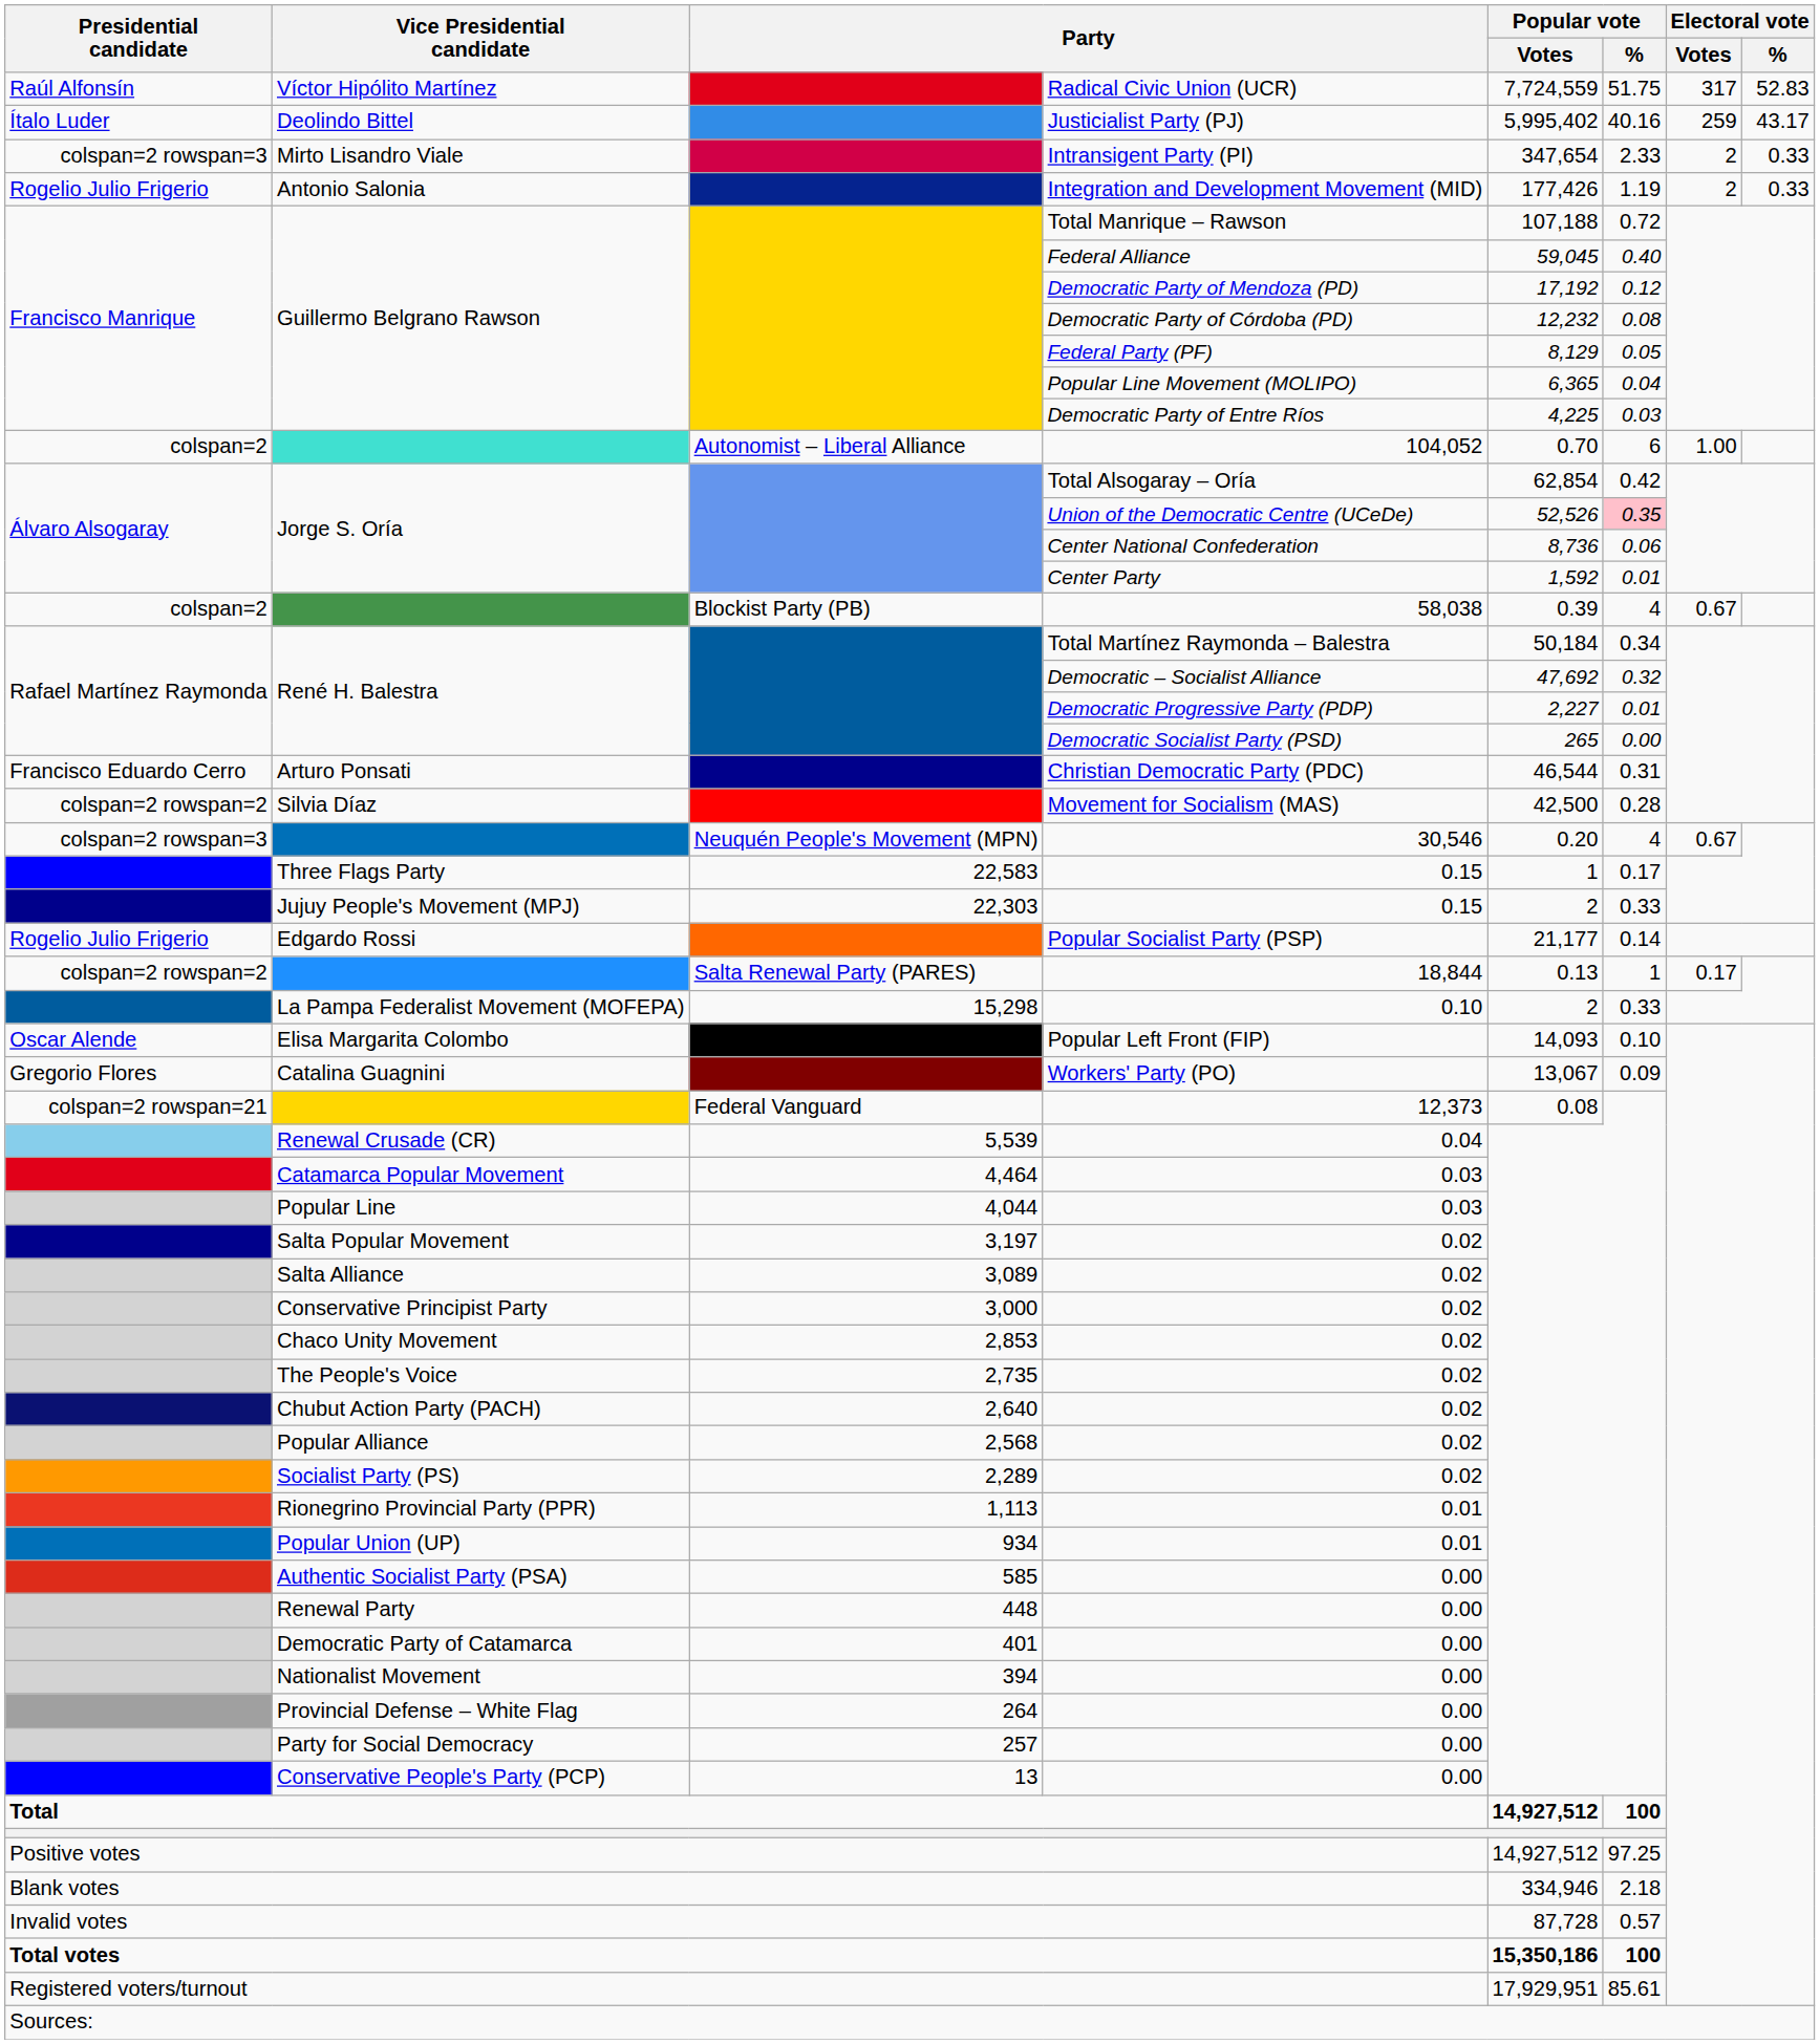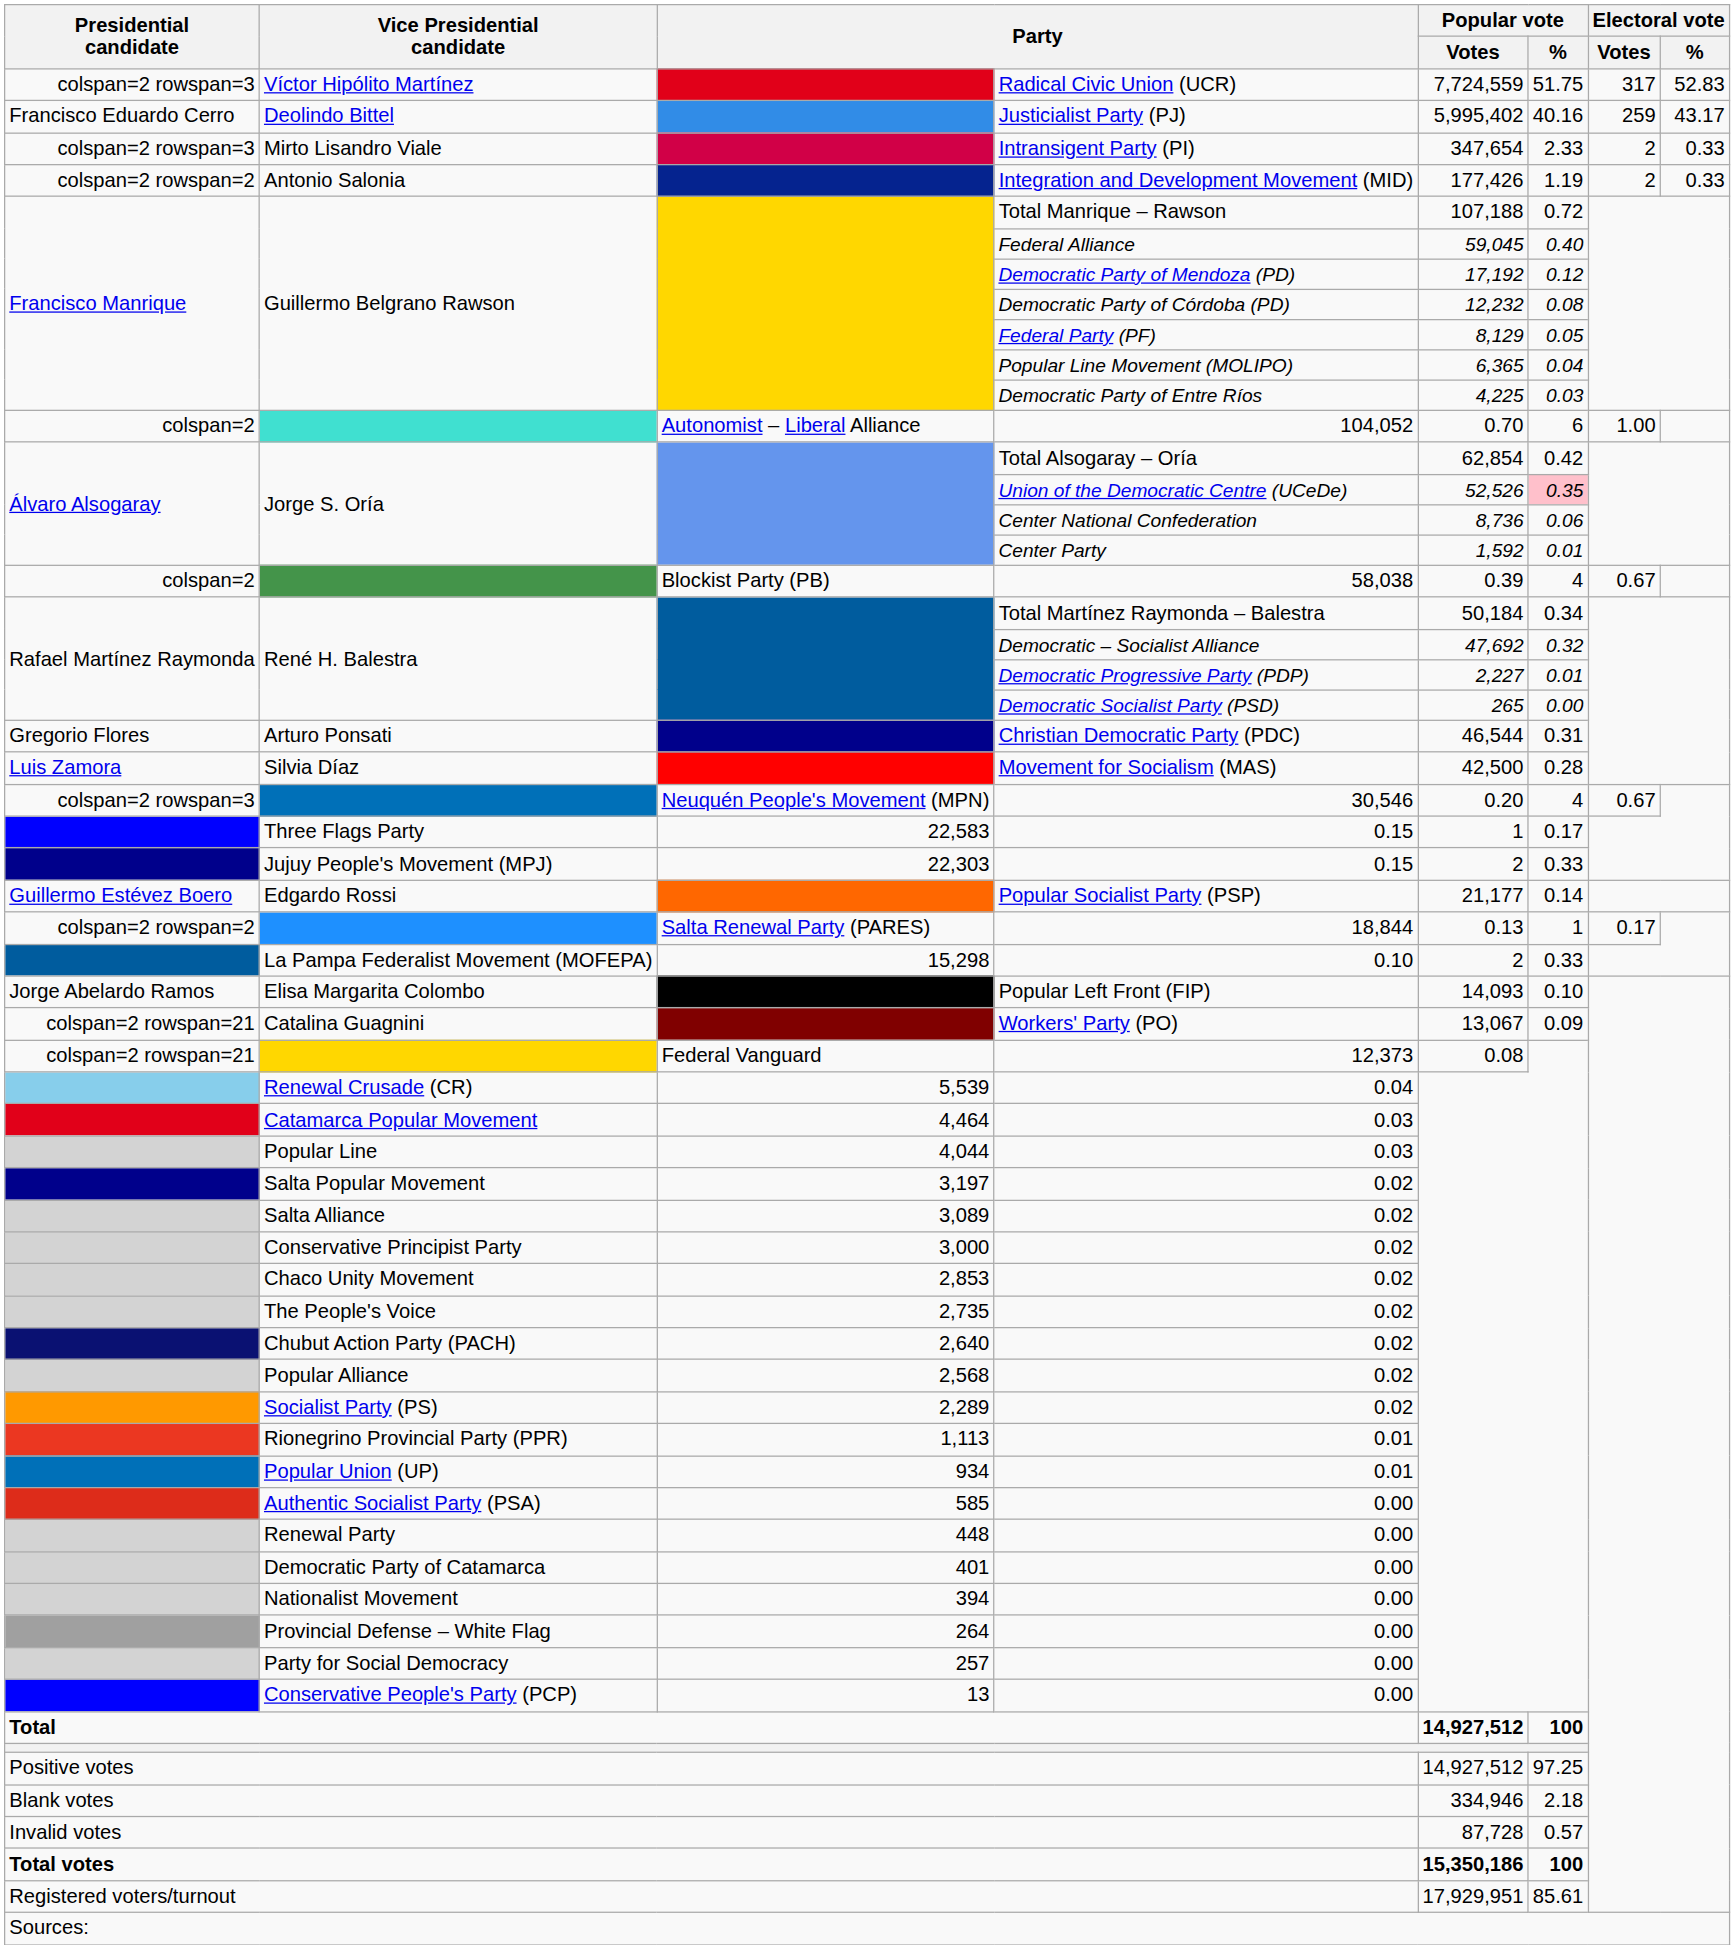 <table class="wikitable" style="text-align:right;">
 <tr>
 <th rowspan=2>Presidential<br>candidate</th>
 <th rowspan=2>Vice Presidential<br>candidate</th>
 <th rowspan=2 colspan=2>Party</th>
 <th colspan=2>Popular vote</th>
 <th colspan=2>Electoral vote</th>
 </tr>
 <tr>
 <th>Votes</th>
 <th>%</th>
 <th>Votes</th>
 <th>%</th>
 </tr>
 <tr>
-<td align=left><a href='#'>Raúl Alfonsín</a></td>
+<td>colspan=2 rowspan=3 </td>
 <td align=left><a href='#'>Víctor Hipólito Martínez</a></td>
 <td bgcolor=#E10019></td>
 <td align=left><a href='#'>Radical Civic Union</a> (UCR)</td>
 <td>7,724,559</td>
 <td>51.75</td>
 <td>317</td>
 <td>52.83</td>
 </tr>
 <tr>
-<td align=left><a href='#'>Ítalo Luder</a></td>
+<td align=left>Francisco Eduardo Cerro</td>
 <td align=left><a href='#'>Deolindo Bittel</a></td>
 <td bgcolor=#318CE7></td>
 <td align=left><a href='#'>Justicialist Party</a> (PJ)</td>
 <td>5,995,402</td>
 <td>40.16</td>
 <td>259</td>
 <td>43.17</td>
 </tr>
 <tr>
 <td>colspan=2 rowspan=3 </td>
 <td align=left>Mirto Lisandro Viale</td>
 <td bgcolor=#D10047></td>
 <td align=left><a href='#'>Intransigent Party</a> (PI)</td>
 <td>347,654</td>
 <td>2.33</td>
 <td>2</td>
 <td>0.33</td>
 </tr>
 <tr>
-<td align=left><a href='#'>Rogelio Julio Frigerio</a></td>
+<td>colspan=2 rowspan=2 </td>
 <td align=left>Antonio Salonia</td>
 <td bgcolor=#05238F></td>
 <td align=left><a href='#'>Integration and Development Movement</a> (MID)</td>
 <td>177,426</td>
 <td>1.19</td>
 <td>2</td>
 <td>0.33</td>
 </tr>
 <tr>
 <td align=left rowspan=7><a href='#'>Francisco Manrique</a></td>
 <td align=left rowspan=7>Guillermo Belgrano Rawson</td>
 <td bgcolor=gold rowspan=7></td>
 <td align=left>Total Manrique – Rawson</td>
 <td>107,188</td>
 <td>0.72</td>
 <td colspan=2 rowspan=7></td>
 </tr>
 <tr style="font-size: 95%; font-style: italic">
 <td align=left><span>Federal Alliance</span></td>
 <td>59,045</td>
 <td>0.40</td>
 </tr>
 <tr style="font-size: 95%; font-style: italic">
 <td align=left><span><a href='#'>Democratic Party of Mendoza</a> (PD)</span></td>
 <td>17,192</td>
 <td>0.12</td>
 </tr>
 <tr style="font-size: 95%; font-style: italic">
 <td align=left><span>Democratic Party of Córdoba (PD)</span></td>
 <td>12,232</td>
 <td>0.08</td>
 </tr>
 <tr style="font-size: 95%; font-style: italic">
 <td align=left><span><a href='#'>Federal Party</a> (PF)</span></td>
 <td>8,129</td>
 <td>0.05</td>
 </tr>
 <tr style="font-size: 95%; font-style: italic">
 <td align=left><span>Popular Line Movement (MOLIPO)</span></td>
 <td>6,365</td>
 <td>0.04</td>
 </tr>
 <tr style="font-size: 95%; font-style: italic">
 <td align=left><span>Democratic Party of Entre Ríos</span></td>
 <td>4,225</td>
 <td>0.03</td>
 </tr>
 <tr>
 <td>colspan=2 </td>
 <td bgcolor=turquoise></td>
 <td align=left><a href='#'>Autonomist</a> – <a href='#'>Liberal</a> Alliance</td>
 <td>104,052</td>
 <td>0.70</td>
 <td>6</td>
 <td>1.00</td>
 </tr>
 <tr>
 <td align=left rowspan=4><a href='#'>Álvaro Alsogaray</a></td>
 <td align=left rowspan=4>Jorge S. Oría</td>
 <td bgcolor=#6495ED rowspan=4></td>
 <td align=left>Total Alsogaray – Oría</td>
 <td>62,854</td>
 <td>0.42</td>
 <td colspan=2 rowspan=4></td>
 </tr>
 <tr style="font-size: 95%; font-style: italic">
 <td align=left><span><a href='#'>Union of the Democratic Centre</a> (UCeDe)</span></td>
 <td>52,526</td>
 <td style="background: pink;">0.35</td>
 </tr>
 <tr style="font-size: 95%; font-style: italic">
 <td align=left><span>Center National Confederation</span></td>
 <td>8,736</td>
 <td>0.06</td>
 </tr>
 <tr style="font-size: 95%; font-style: italic">
 <td align=left><span>Center Party</span></td>
 <td>1,592</td>
 <td>0.01</td>
 </tr>
 <tr>
 <td>colspan=2 </td>
 <td bgcolor=#44944A></td>
 <td align=left>Blockist Party (PB)</td>
 <td>58,038</td>
 <td>0.39</td>
 <td>4</td>
 <td>0.67</td>
 </tr>
 <tr>
 <td align=left rowspan=4>Rafael Martínez Raymonda</td>
 <td align=left rowspan=4>René H. Balestra</td>
 <td bgcolor=#005C9E rowspan=4></td>
 <td align=left>Total Martínez Raymonda – Balestra</td>
 <td>50,184</td>
 <td>0.34</td>
 <td colspan=2 rowspan=6></td>
 </tr>
 <tr style="font-size: 95%; font-style: italic">
 <td align=left><span>Democratic – Socialist Alliance</span></td>
 <td>47,692</td>
 <td>0.32</td>
 </tr>
 <tr style="font-size: 95%; font-style: italic">
 <td align=left><span><a href='#'>Democratic Progressive Party</a> (PDP)</span></td>
 <td>2,227</td>
 <td>0.01</td>
 </tr>
 <tr style="font-size: 95%; font-style: italic">
 <td align=left><span><a href='#'>Democratic Socialist Party</a> (PSD)</span></td>
 <td>265</td>
 <td>0.00</td>
 </tr>
 <tr>
-<td align=left>Francisco Eduardo Cerro</td>
+<td align=left>Gregorio Flores</td>
 <td align=left>Arturo Ponsati</td>
 <td bgcolor=#00008B></td>
 <td align=left><a href='#'>Christian Democratic Party</a> (PDC)</td>
 <td>46,544</td>
 <td>0.31</td>
 </tr>
 <tr>
-<td>colspan=2 rowspan=2 </td>
+<td align=left><a href='#'>Luis Zamora</a></td>
 <td align=left>Silvia Díaz</td>
 <td bgcolor=#FF0000></td>
 <td align=left><a href='#'>Movement for Socialism</a> (MAS)</td>
 <td>42,500</td>
 <td>0.28</td>
 </tr>
 <tr>
 <td>colspan=2 rowspan=3 </td>
 <td bgcolor=#0070B8></td>
 <td align=left><a href='#'>Neuquén People's Movement</a> (MPN)</td>
 <td>30,546</td>
 <td>0.20</td>
 <td>4</td>
 <td>0.67</td>
 </tr>
 <tr>
 <td bgcolor=blue></td>
 <td align=left>Three Flags Party</td>
 <td>22,583</td>
 <td>0.15</td>
 <td>1</td>
 <td>0.17</td>
 </tr>
 <tr>
 <td bgcolor=darkblue></td>
 <td align=left>Jujuy People's Movement (MPJ)</td>
 <td>22,303</td>
 <td>0.15</td>
 <td>2</td>
 <td>0.33</td>
 </tr>
 <tr>
-<td align=left><a href='#'>Rogelio Julio Frigerio</a></td>
+<td align=left><a href='#'>Guillermo Estévez Boero</a></td>
 <td align=left>Edgardo Rossi</td>
 <td bgcolor=#FF6700></td>
 <td align=left><a href='#'>Popular Socialist Party</a> (PSP)</td>
 <td>21,177</td>
 <td>0.14</td>
 <td colspan=2></td>
 </tr>
 <tr>
 <td>colspan=2 rowspan=2 </td>
 <td bgcolor=#1E90FF></td>
 <td align=left><a href='#'>Salta Renewal Party</a> (PARES)</td>
 <td>18,844</td>
 <td>0.13</td>
 <td>1</td>
 <td>0.17</td>
 </tr>
 <tr>
 <td bgcolor=#005C9E></td>
 <td align=left>La Pampa Federalist Movement (MOFEPA)</td>
 <td>15,298</td>
 <td>0.10</td>
 <td>2</td>
 <td>0.33</td>
 </tr>
 <tr>
-<td align=left><a href='#'>Oscar Alende</a></td>
+<td align=left>Jorge Abelardo Ramos</td>
 <td align=left>Elisa Margarita Colombo</td>
 <td bgcolor=black></td>
 <td align=left>Popular Left Front (FIP)</td>
 <td>14,093</td>
 <td>0.10</td>
 <td colspan=2 rowspan=30></td>
 </tr>
 <tr>
-<td align=left>Gregorio Flores</td>
+<td>colspan=2 rowspan=21 </td>
 <td align=left>Catalina Guagnini</td>
 <td bgcolor=#800000></td>
 <td align=left><a href='#'>Workers' Party</a> (PO)</td>
 <td>13,067</td>
 <td>0.09</td>
 </tr>
 <tr>
 <td>colspan=2 rowspan=21 </td>
 <td bgcolor=#FFD700></td>
 <td align=left>Federal Vanguard</td>
 <td>12,373</td>
 <td>0.08</td>
 </tr>
 <tr>
 <td bgcolor=skyblue></td>
 <td align=left><a href='#'>Renewal Crusade</a> (CR)</td>
 <td>5,539</td>
 <td>0.04</td>
 </tr>
 <tr>
 <td bgcolor=#E10019></td>
 <td align=left><a href='#'>Catamarca Popular Movement</a></td>
 <td>4,464</td>
 <td>0.03</td>
 </tr>
 <tr>
 <td bgcolor=lightgrey></td>
 <td align=left>Popular Line</td>
 <td>4,044</td>
 <td>0.03</td>
 </tr>
 <tr>
 <td bgcolor=darkblue></td>
 <td align=left>Salta Popular Movement</td>
 <td>3,197</td>
 <td>0.02</td>
 </tr>
 <tr>
 <td bgcolor=lightgrey></td>
 <td align=left>Salta Alliance</td>
 <td>3,089</td>
 <td>0.02</td>
 </tr>
 <tr>
 <td bgcolor=lightgrey></td>
 <td align=left>Conservative Principist Party</td>
 <td>3,000</td>
 <td>0.02</td>
 </tr>
 <tr>
 <td bgcolor=lightgrey></td>
 <td align=left>Chaco Unity Movement</td>
 <td>2,853</td>
 <td>0.02</td>
 </tr>
 <tr>
 <td bgcolor=lightgrey></td>
 <td align=left>The People's Voice</td>
 <td>2,735</td>
 <td>0.02</td>
 </tr>
 <tr>
 <td bgcolor=#0A1172></td>
 <td align=left>Chubut Action Party (PACH)</td>
 <td>2,640</td>
 <td>0.02</td>
 </tr>
 <tr>
 <td bgcolor=lightgrey></td>
 <td align=left>Popular Alliance</td>
 <td>2,568</td>
 <td>0.02</td>
 </tr>
 <tr>
 <td bgcolor=#FF9900></td>
 <td align=left><a href='#'>Socialist Party</a> (PS)</td>
 <td>2,289</td>
 <td>0.02</td>
 </tr>
 <tr>
 <td bgcolor=#EB3721></td>
 <td align=left>Rionegrino Provincial Party (PPR)</td>
 <td>1,113</td>
 <td>0.01</td>
 </tr>
 <tr>
 <td bgcolor=#0070B8></td>
 <td align=left><a href='#'>Popular Union</a> (UP)</td>
 <td>934</td>
 <td>0.01</td>
 </tr>
 <tr>
 <td bgcolor=#DD2C1A></td>
 <td align=left><a href='#'>Authentic Socialist Party</a> (PSA)</td>
 <td>585</td>
 <td>0.00</td>
 </tr>
 <tr>
 <td bgcolor=lightgrey></td>
 <td align=left>Renewal Party</td>
 <td>448</td>
 <td>0.00</td>
 </tr>
 <tr>
 <td bgcolor=lightgrey></td>
 <td align=left>Democratic Party of Catamarca</td>
 <td>401</td>
 <td>0.00</td>
 </tr>
 <tr>
 <td bgcolor=lightgrey></td>
 <td align=left>Nationalist Movement</td>
 <td>394</td>
 <td>0.00</td>
 </tr>
 <tr>
 <td bgcolor=#A0A0A0></td>
 <td align=left>Provincial Defense – White Flag</td>
 <td>264</td>
 <td>0.00</td>
 </tr>
 <tr>
 <td bgcolor=lightgrey></td>
 <td align=left>Party for Social Democracy</td>
 <td>257</td>
 <td>0.00</td>
 </tr>
 <tr>
 <td bgcolor=blue></td>
 <td align=left><a href='#'>Conservative People's Party</a> (PCP)</td>
 <td>13</td>
 <td>0.00</td>
 </tr>
 <tr style="font-weight:bold">
 <td colspan=4 align=left>Total</td>
 <td>14,927,512</td>
 <td>100</td>
 </tr>
 <tr>
 <th colspan=6></th>
 </tr>
 <tr>
 <td colspan=4 align=left>Positive votes</td>
 <td>14,927,512</td>
 <td>97.25</td>
 </tr>
 <tr>
 <td colspan=4 align=left>Blank votes</td>
 <td>334,946</td>
 <td>2.18</td>
 </tr>
 <tr>
 <td colspan=4 align=left>Invalid votes</td>
 <td>87,728</td>
 <td>0.57</td>
 </tr>
 <tr style="font-weight:bold">
 <td colspan=4 align=left>Total votes</td>
 <td>15,350,186</td>
 <td>100</td>
 </tr>
 <tr>
 <td colspan=4 align=left>Registered voters/turnout</td>
 <td>17,929,951</td>
 <td>85.61</td>
 </tr>
 <tr>
 <td colspan=8 align=left>Sources:</td>
 </tr>
 </table>
